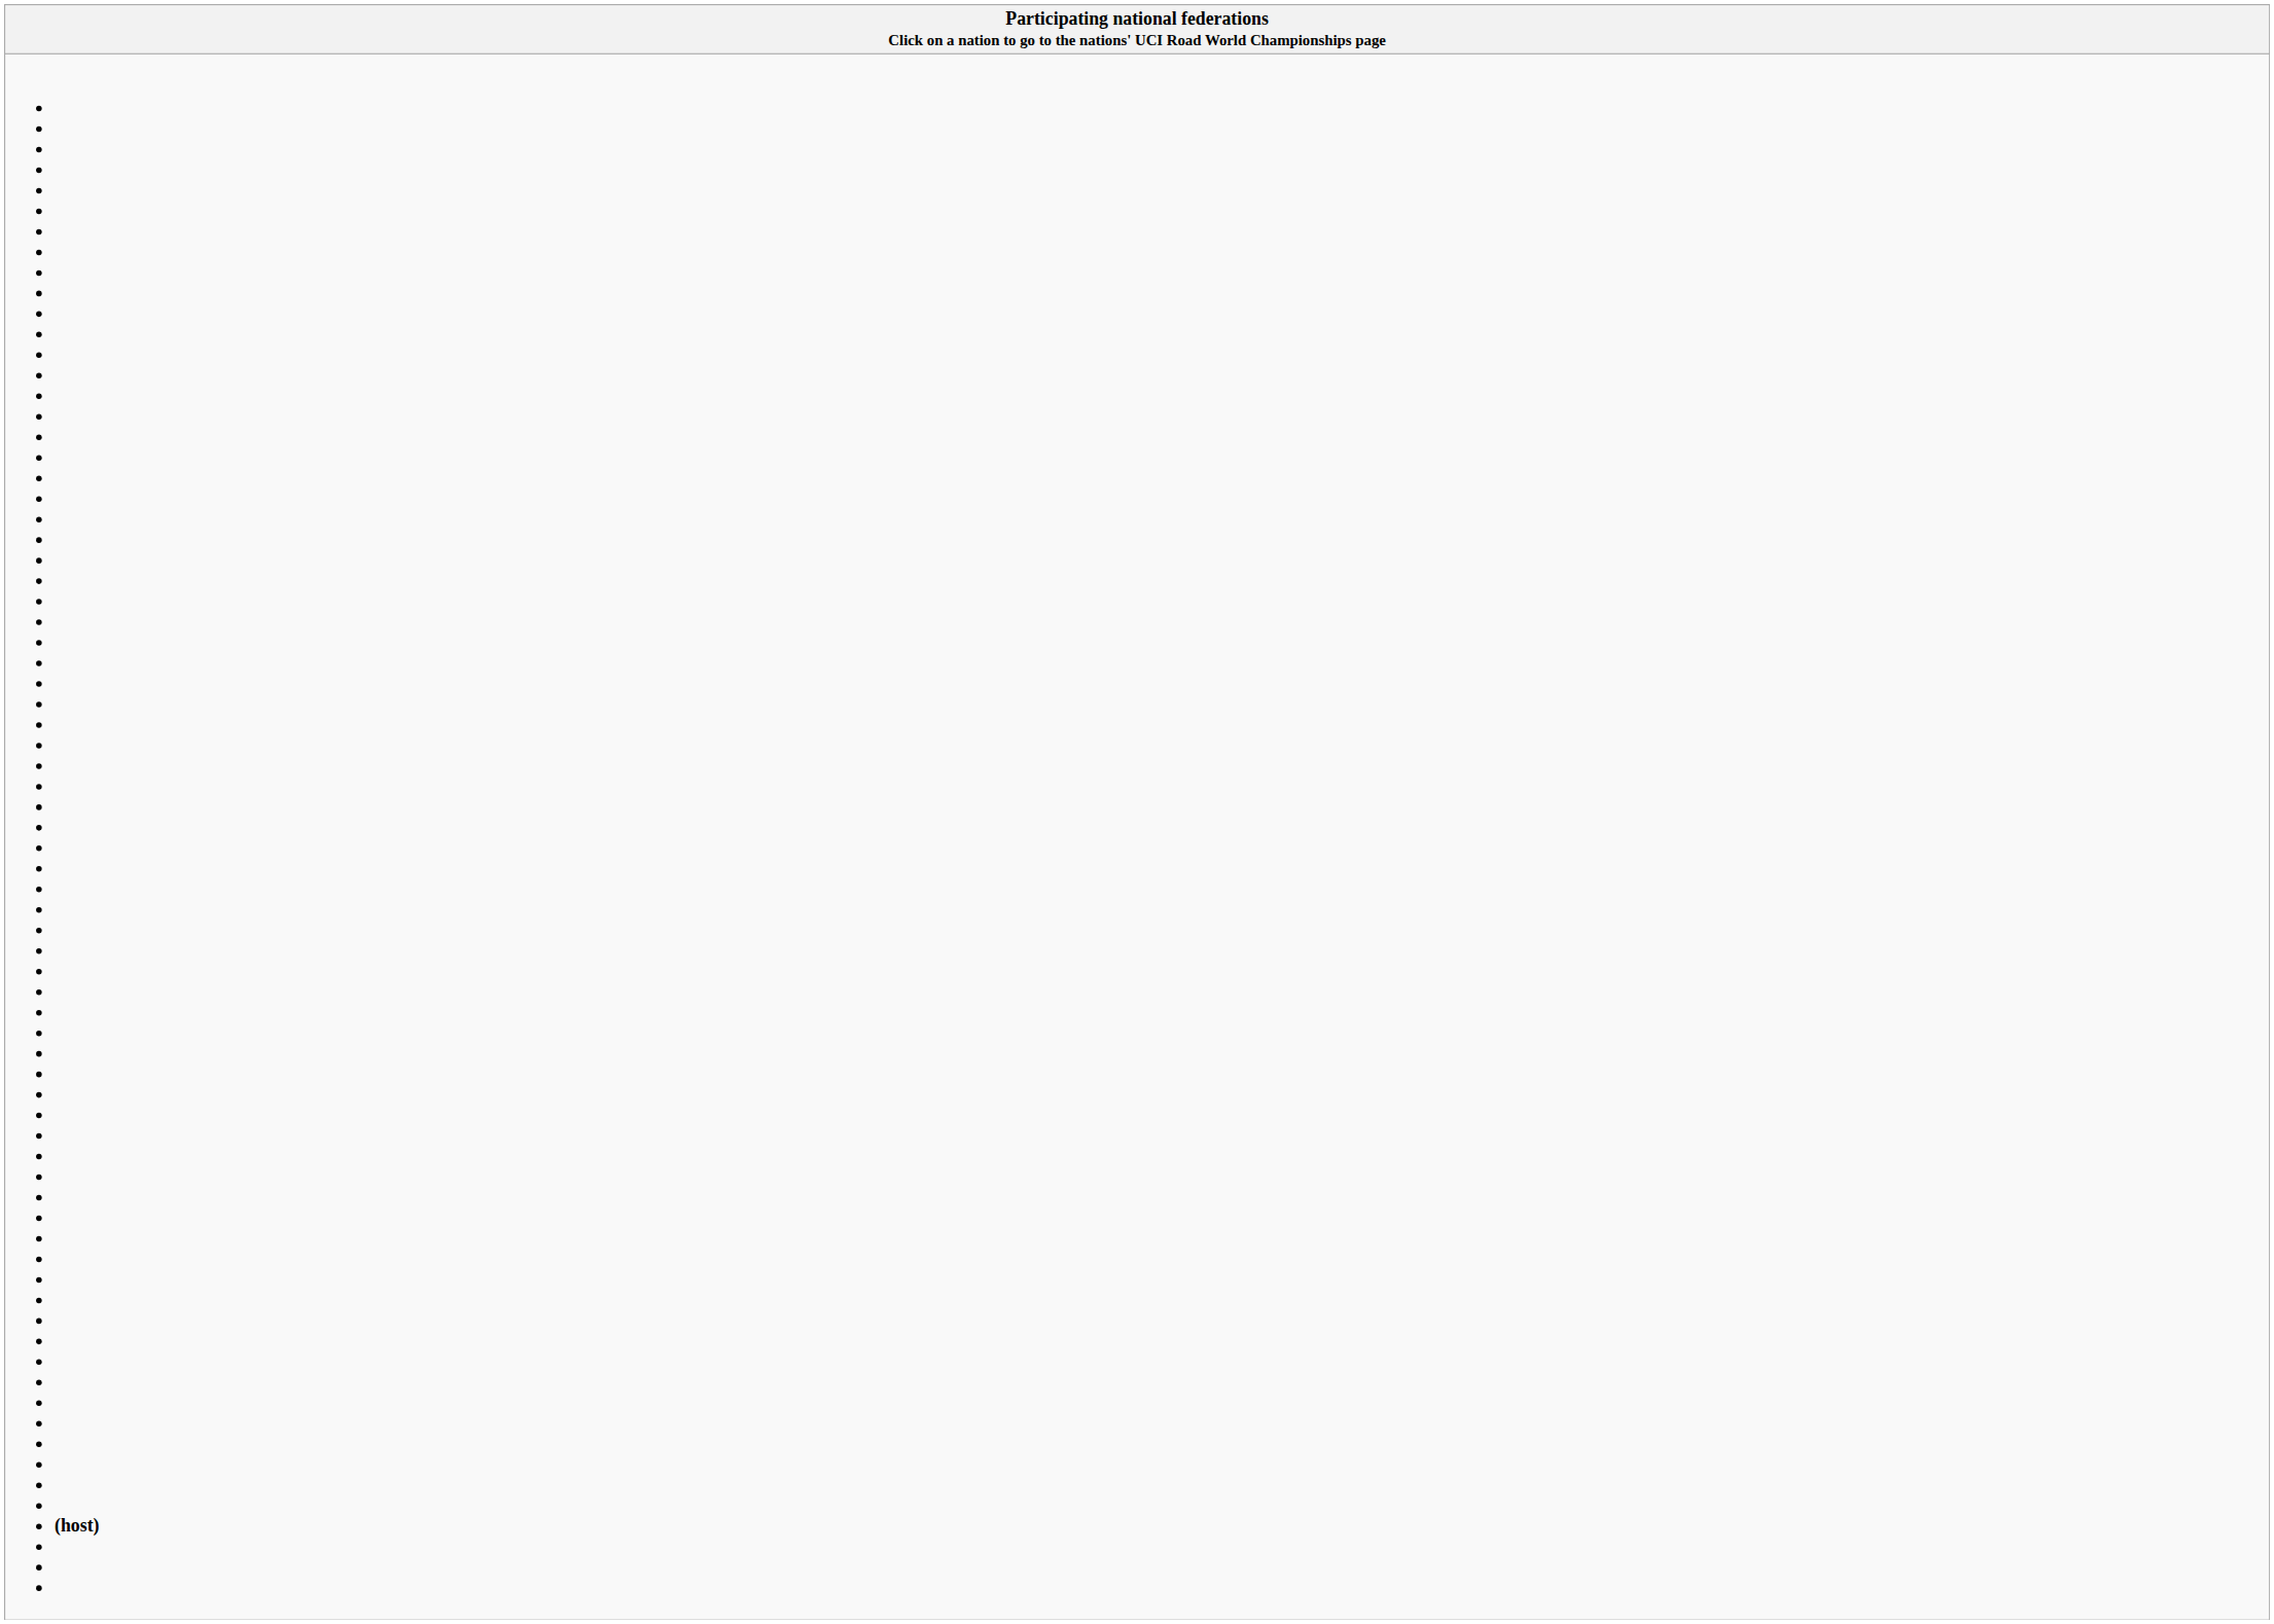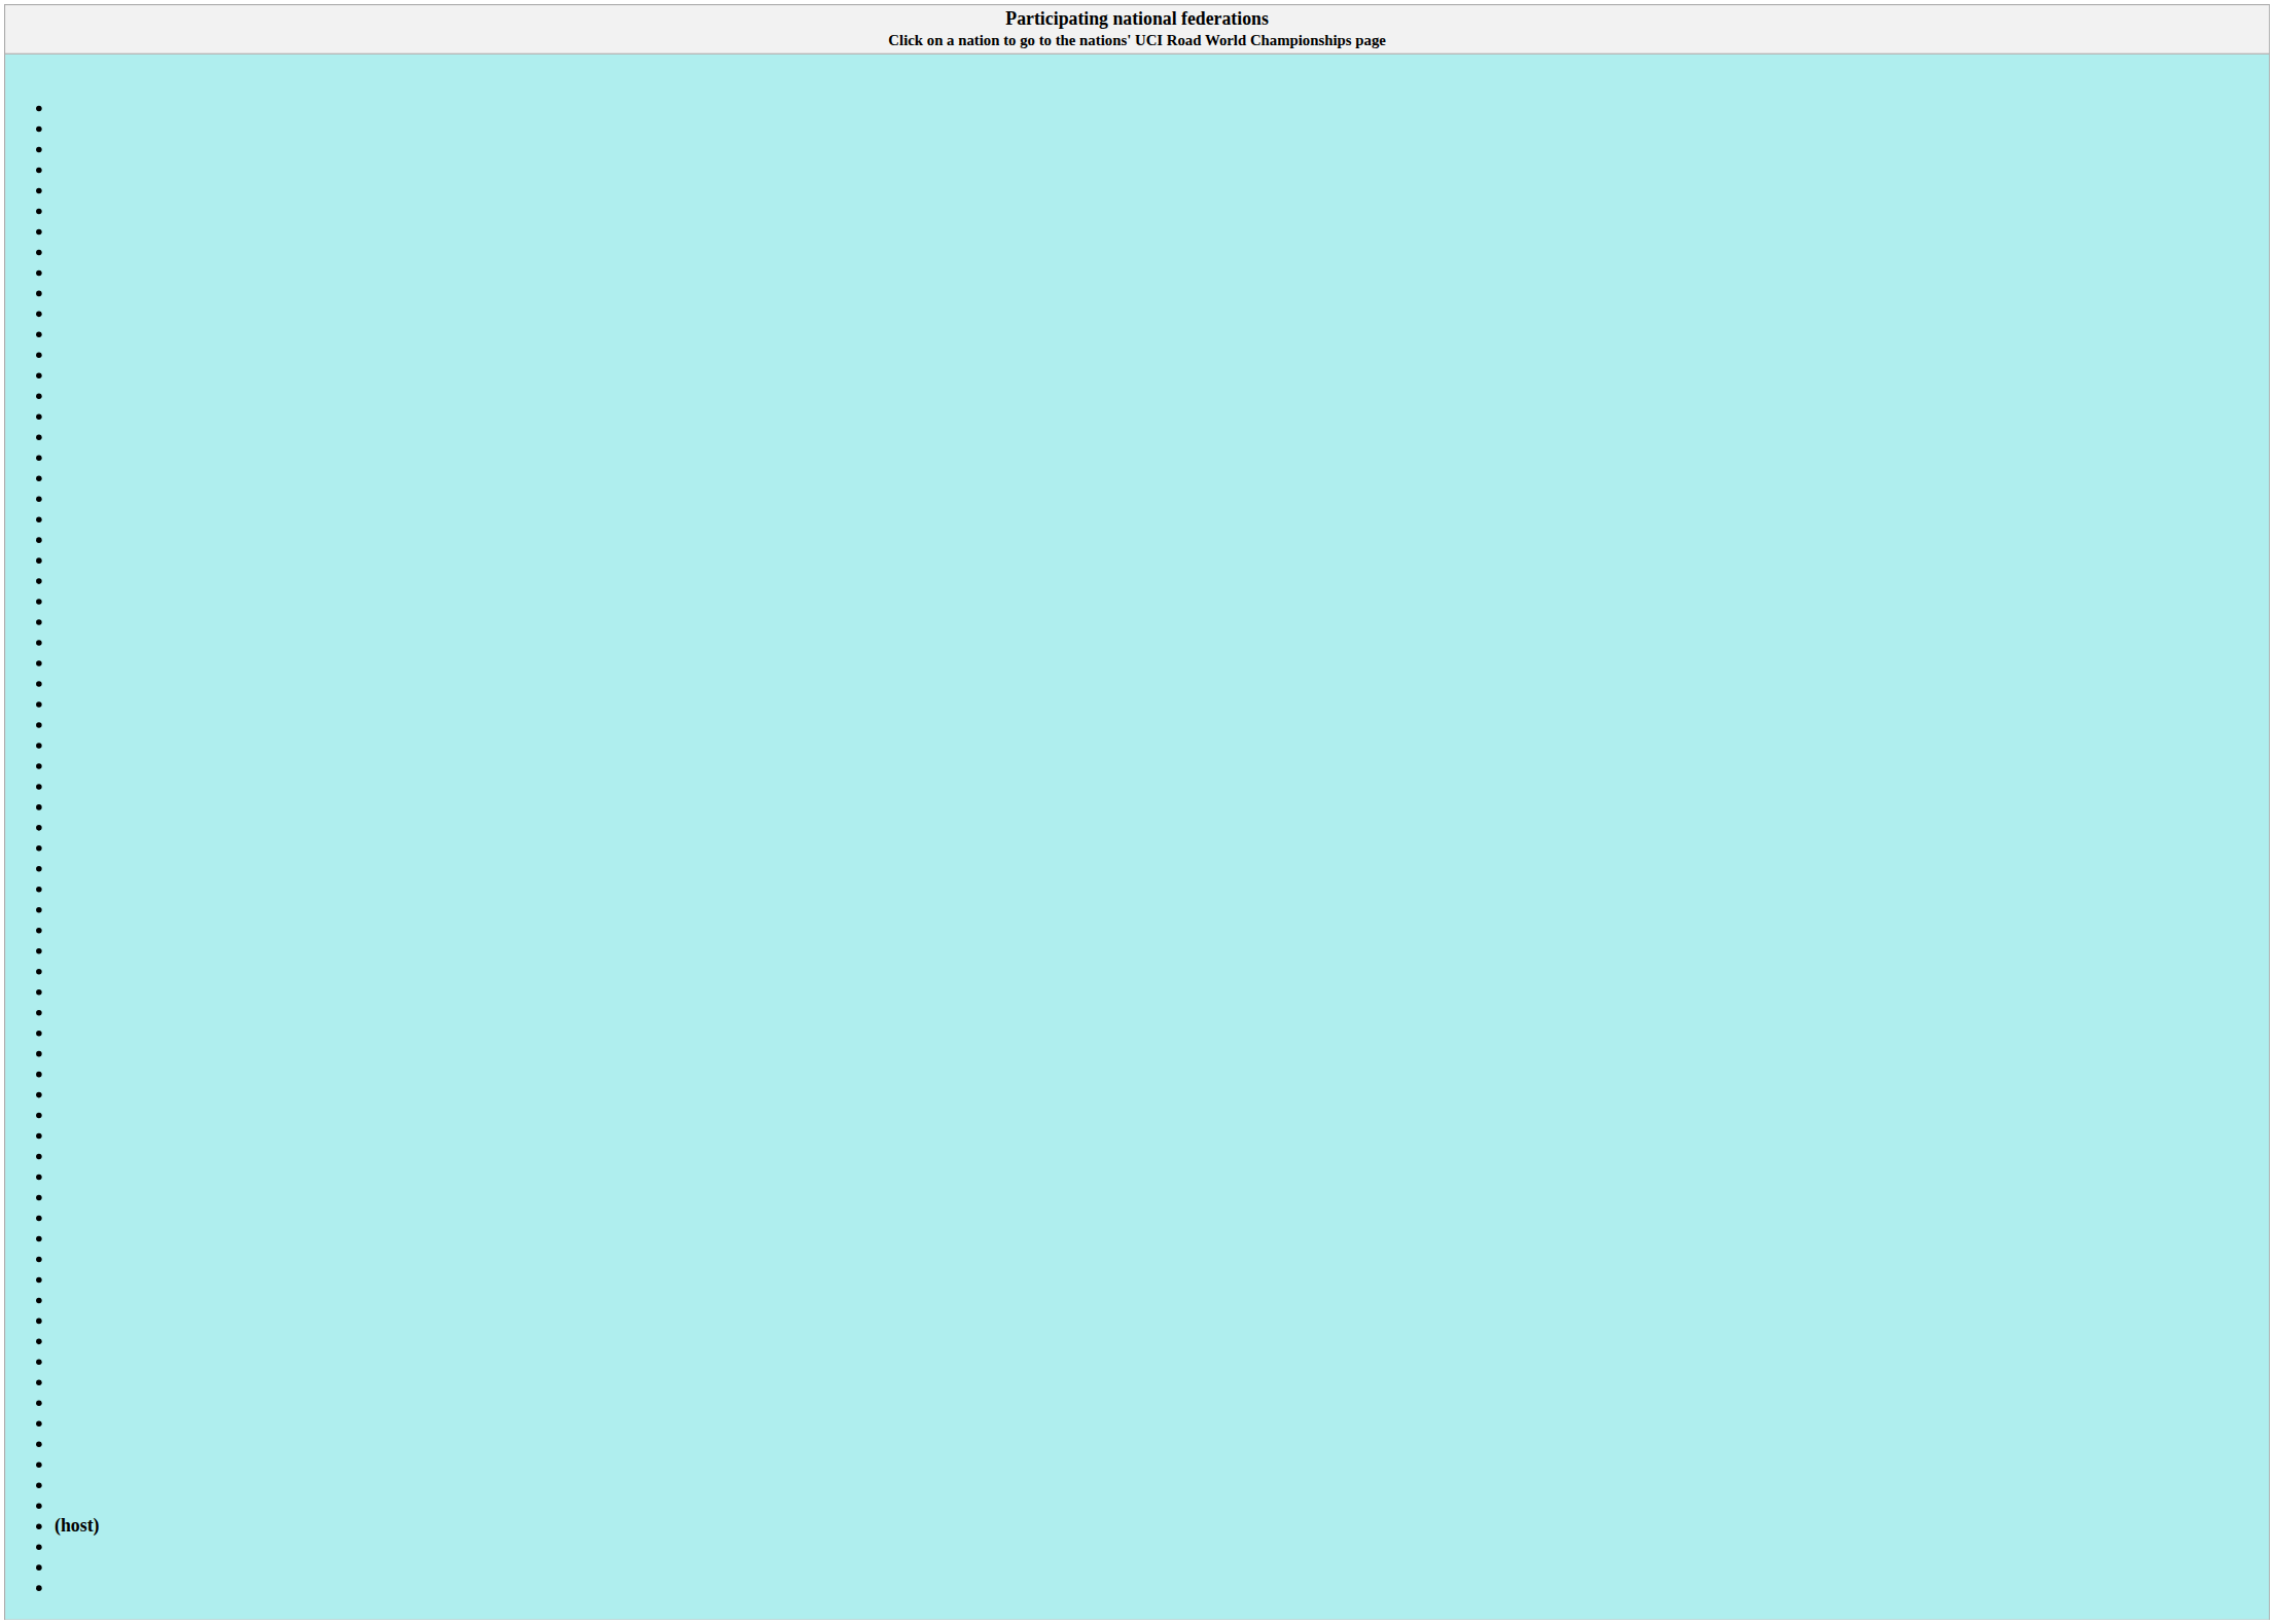 <table class="wikitable collapsible" style="width:100%;">
 <tr>
 <th>Participating national federations<br><small>Click on a nation to go to the nations' UCI Road World Championships page</small></th>
 </tr>
 <tr>
-<td><br><ul><li></li><li></li><li></li><li></li><li></li><li></li><li></li><li></li><li></li><li></li><li></li><li></li><li></li><li></li><li></li><li></li><li></li><li></li><li></li><li></li><li></li><li></li><li></li><li></li><li></li><li></li><li></li><li></li><li></li><li></li><li></li><li></li><li></li><li></li><li></li><li></li><li></li><li></li><li></li><li></li><li></li><li></li><li></li><li></li><li></li><li></li><li></li><li></li><li></li><li></li><li></li><li></li><li></li><li></li><li></li><li></li><li></li><li></li><li></li><li></li><li></li><li></li><li></li><li></li><li></li><li></li><li></li><li></li><li></li><li>  <strong>(host)</strong></li><li></li><li></li><li></li></ul></td>
+<td style="background: paleturquoise;"><br><ul><li></li><li></li><li></li><li></li><li></li><li></li><li></li><li></li><li></li><li></li><li></li><li></li><li></li><li></li><li></li><li></li><li></li><li></li><li></li><li></li><li></li><li></li><li></li><li></li><li></li><li></li><li></li><li></li><li></li><li></li><li></li><li></li><li></li><li></li><li></li><li></li><li></li><li></li><li></li><li></li><li></li><li></li><li></li><li></li><li></li><li></li><li></li><li></li><li></li><li></li><li></li><li></li><li></li><li></li><li></li><li></li><li></li><li></li><li></li><li></li><li></li><li></li><li></li><li></li><li></li><li></li><li></li><li></li><li></li><li>  <strong>(host)</strong></li><li></li><li></li><li></li></ul></td>
 </tr>
 </table>
